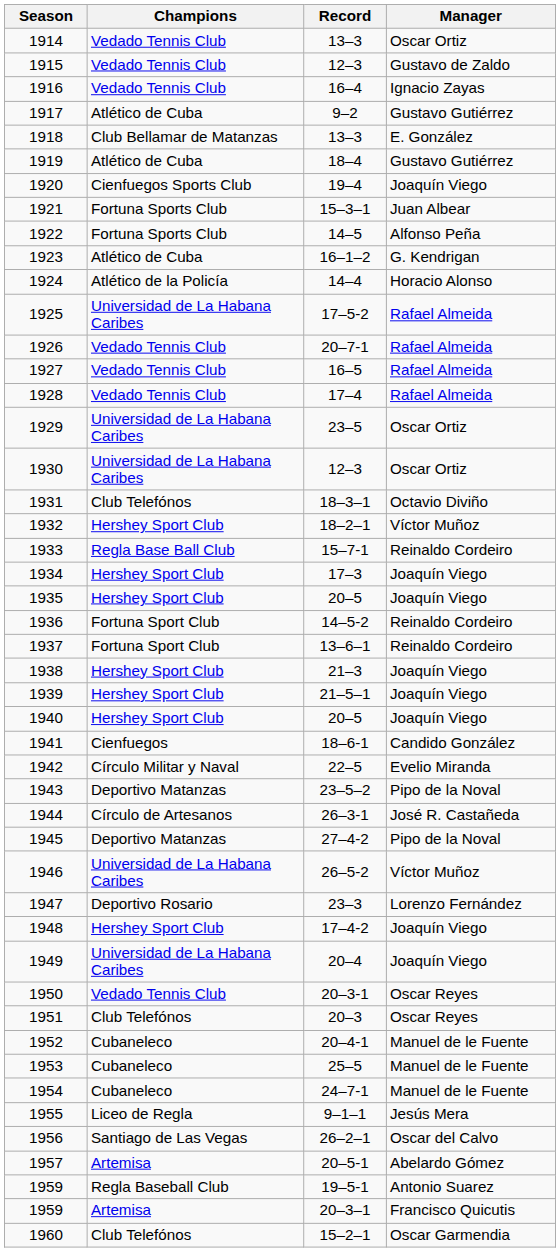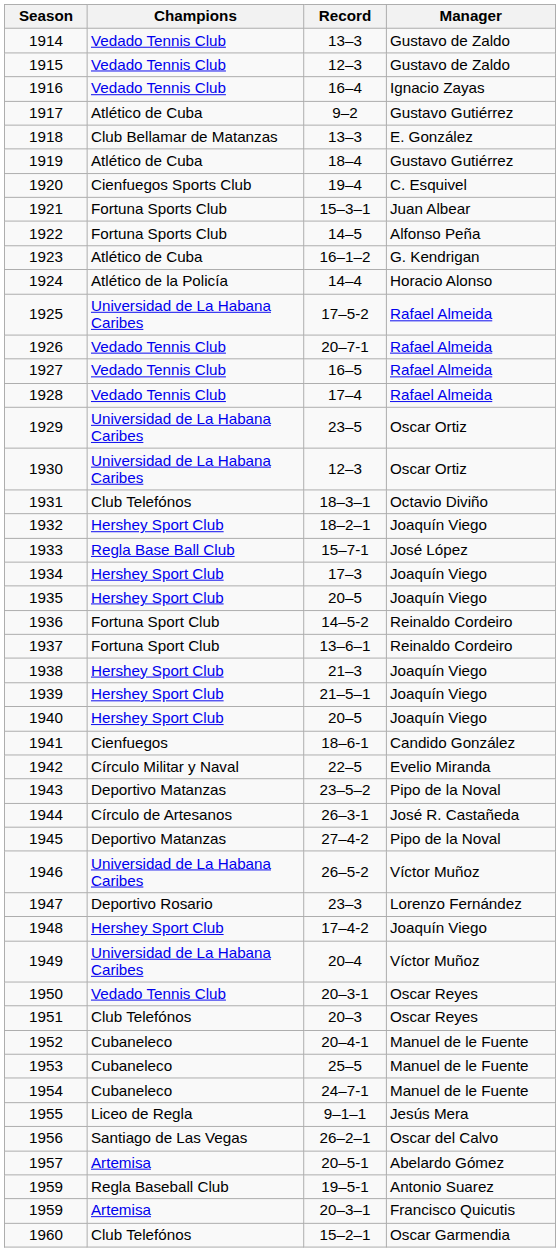 <table class="wikitable sortable">
 <tr>
 <th width="80">Season</th>
 <th width="220">Champions</th>
 <th width="80">Record</th>
 <th width="170">Manager</th>
 </tr>
 <tr>
 <td align="center">1914</td>
 <td><a href='#'>Vedado Tennis Club</a></td>
 <td align="center">13–3</td>
-<td>Oscar Ortiz</td>
+<td>Gustavo de Zaldo</td>
 </tr>
 <tr>
 <td align="center">1915</td>
 <td><a href='#'>Vedado Tennis Club</a> </td>
 <td align="center">12–3</td>
 <td>Gustavo de Zaldo</td>
 </tr>
 <tr>
 <td align="center">1916</td>
 <td><a href='#'>Vedado Tennis Club</a> </td>
 <td align="center">16–4</td>
 <td>Ignacio Zayas</td>
 </tr>
 <tr>
 <td align="center">1917</td>
 <td>Atlético de Cuba</td>
 <td align="center">9–2</td>
 <td>Gustavo Gutiérrez</td>
 </tr>
 <tr>
 <td align="center">1918</td>
 <td>Club Bellamar de Matanzas</td>
 <td align="center">13–3</td>
 <td>E. González</td>
 </tr>
 <tr>
 <td align="center">1919</td>
 <td>Atlético de Cuba </td>
 <td align="center">18–4</td>
 <td>Gustavo Gutiérrez</td>
 </tr>
 <tr>
 <td align="center">1920</td>
 <td>Cienfuegos Sports Club</td>
 <td align="center">19–4</td>
-<td>Joaquín Viego</td>
+<td>C. Esquivel</td>
 </tr>
 <tr>
 <td align="center">1921</td>
 <td>Fortuna Sports Club</td>
 <td align="center">15–3–1</td>
 <td>Juan Albear</td>
 </tr>
 <tr>
 <td align="center">1922</td>
 <td>Fortuna Sports Club </td>
 <td align="center">14–5</td>
 <td>Alfonso Peña</td>
 </tr>
 <tr>
 <td align="center">1923</td>
 <td>Atlético de Cuba</td>
 <td align="center">16–1–2</td>
 <td>G. Kendrigan</td>
 </tr>
 <tr>
 <td align="center">1924</td>
 <td>Atlético de la Policía</td>
 <td align="center">14–4</td>
 <td>Horacio Alonso</td>
 </tr>
 <tr>
 <td align="center">1925</td>
 <td><a href='#'>Universidad de La Habana Caribes</a> </td>
 <td align="center">17–5-2</td>
 <td><a href='#'>Rafael Almeida</a></td>
 </tr>
 <tr>
 <td align="center">1926</td>
 <td><a href='#'>Vedado Tennis Club</a> </td>
 <td align="center">20–7-1</td>
 <td><a href='#'>Rafael Almeida</a></td>
 </tr>
 <tr>
 <td align="center">1927</td>
 <td><a href='#'>Vedado Tennis Club</a> </td>
 <td align="center">16–5</td>
 <td><a href='#'>Rafael Almeida</a></td>
 </tr>
 <tr>
 <td align="center">1928</td>
 <td><a href='#'>Vedado Tennis Club</a> </td>
 <td align="center">17–4</td>
 <td><a href='#'>Rafael Almeida</a></td>
 </tr>
 <tr>
 <td align="center">1929</td>
 <td><a href='#'>Universidad de La Habana Caribes</a> </td>
 <td align="center">23–5</td>
 <td>Oscar Ortiz</td>
 </tr>
 <tr>
 <td align="center">1930</td>
 <td><a href='#'>Universidad de La Habana Caribes</a> </td>
 <td align="center">12–3</td>
 <td>Oscar Ortiz</td>
 </tr>
 <tr>
 <td align="center">1931</td>
 <td>Club Telefónos</td>
 <td align="center">18–3–1</td>
 <td>Octavio Diviño</td>
 </tr>
 <tr>
 <td align="center">1932</td>
 <td><a href='#'>Hershey Sport Club</a></td>
 <td align="center">18–2–1</td>
-<td>Víctor Muñoz</td>
+<td>Joaquín Viego</td>
 </tr>
 <tr>
 <td align="center">1933</td>
 <td><a href='#'>Regla Base Ball Club</a></td>
 <td align="center">15–7-1</td>
-<td>Reinaldo Cordeiro</td>
+<td>José López</td>
 </tr>
 <tr>
 <td align="center">1934</td>
 <td><a href='#'>Hershey Sport Club</a> </td>
 <td align="center">17–3</td>
 <td>Joaquín Viego</td>
 </tr>
 <tr>
 <td align="center">1935</td>
 <td><a href='#'>Hershey Sport Club</a> </td>
 <td align="center">20–5</td>
 <td>Joaquín Viego</td>
 </tr>
 <tr>
 <td align="center">1936</td>
 <td>Fortuna Sport Club </td>
 <td align="center">14–5-2</td>
 <td>Reinaldo Cordeiro</td>
 </tr>
 <tr>
 <td align="center">1937</td>
 <td>Fortuna Sport Club </td>
 <td align="center">13–6–1</td>
 <td>Reinaldo Cordeiro</td>
 </tr>
 <tr>
 <td align="center">1938</td>
 <td><a href='#'>Hershey Sport Club</a> </td>
 <td align="center">21–3</td>
 <td>Joaquín Viego</td>
 </tr>
 <tr>
 <td align="center">1939</td>
 <td><a href='#'>Hershey Sport Club</a> </td>
 <td align="center">21–5–1</td>
 <td>Joaquín Viego</td>
 </tr>
 <tr>
 <td align="center">1940</td>
 <td><a href='#'>Hershey Sport Club</a> </td>
 <td align="center">20–5</td>
 <td>Joaquín Viego</td>
 </tr>
 <tr>
 <td align="center">1941</td>
 <td>Cienfuegos</td>
 <td align="center">18–6-1</td>
 <td>Candido González</td>
 </tr>
 <tr>
 <td align="center">1942</td>
 <td>Círculo Militar y Naval</td>
 <td align="center">22–5</td>
 <td>Evelio Miranda</td>
 </tr>
 <tr>
 <td align="center">1943</td>
 <td>Deportivo Matanzas</td>
 <td align="center">23–5–2</td>
 <td>Pipo de la Noval</td>
 </tr>
 <tr>
 <td align="center">1944</td>
 <td>Círculo de Artesanos</td>
 <td align="center">26–3-1</td>
 <td>José R. Castañeda</td>
 </tr>
 <tr>
 <td align="center">1945</td>
 <td>Deportivo Matanzas </td>
 <td align="center">27–4-2</td>
 <td>Pipo de la Noval</td>
 </tr>
 <tr>
 <td align="center">1946</td>
 <td><a href='#'>Universidad de La Habana Caribes</a> </td>
 <td align="center">26–5-2</td>
 <td>Víctor Muñoz</td>
 </tr>
 <tr>
 <td align="center">1947</td>
 <td>Deportivo Rosario</td>
 <td align="center">23–3</td>
 <td>Lorenzo Fernández</td>
 </tr>
 <tr>
 <td align="center">1948</td>
 <td><a href='#'>Hershey Sport Club</a> </td>
 <td align="center">17–4-2</td>
 <td>Joaquín Viego</td>
 </tr>
 <tr>
 <td align="center">1949</td>
 <td><a href='#'>Universidad de La Habana Caribes</a> </td>
 <td align="center">20–4</td>
-<td>Joaquín Viego</td>
+<td>Víctor Muñoz</td>
 </tr>
 <tr>
 <td align="center">1950</td>
 <td><a href='#'>Vedado Tennis Club</a> </td>
 <td align="center">20–3-1</td>
 <td>Oscar Reyes</td>
 </tr>
 <tr>
 <td align="center">1951</td>
 <td>Club Telefónos </td>
 <td align="center">20–3</td>
 <td>Oscar Reyes</td>
 </tr>
 <tr>
 <td align="center">1952</td>
 <td>Cubaneleco</td>
 <td align="center">20–4-1</td>
 <td>Manuel de le Fuente</td>
 </tr>
 <tr>
 <td align="center">1953</td>
 <td>Cubaneleco </td>
 <td align="center">25–5</td>
 <td>Manuel de le Fuente</td>
 </tr>
 <tr>
 <td align="center">1954</td>
 <td>Cubaneleco </td>
 <td align="center">24–7-1</td>
 <td>Manuel de le Fuente</td>
 </tr>
 <tr>
 <td align="center">1955</td>
 <td>Liceo de Regla</td>
 <td align="center">9–1–1</td>
 <td>Jesús Mera</td>
 </tr>
 <tr>
 <td align="center">1956</td>
 <td>Santiago de Las Vegas</td>
 <td align="center">26–2–1</td>
 <td>Oscar del Calvo</td>
 </tr>
 <tr>
 <td align="center">1957</td>
 <td><a href='#'>Artemisa</a></td>
 <td align="center">20–5-1</td>
 <td>Abelardo Gómez</td>
 </tr>
 <tr>
 <td align="center">1959</td>
 <td>Regla Baseball Club </td>
 <td align="center">19–5-1</td>
 <td>Antonio Suarez</td>
 </tr>
 <tr>
 <td align="center">1959</td>
 <td><a href='#'>Artemisa</a> </td>
 <td align="center">20–3–1</td>
 <td>Francisco Quicutis</td>
 </tr>
 <tr>
 <td align="center">1960</td>
 <td>Club Telefónos </td>
 <td align="center">15–2–1</td>
 <td>Oscar Garmendia</td>
 </tr>
 </table>
